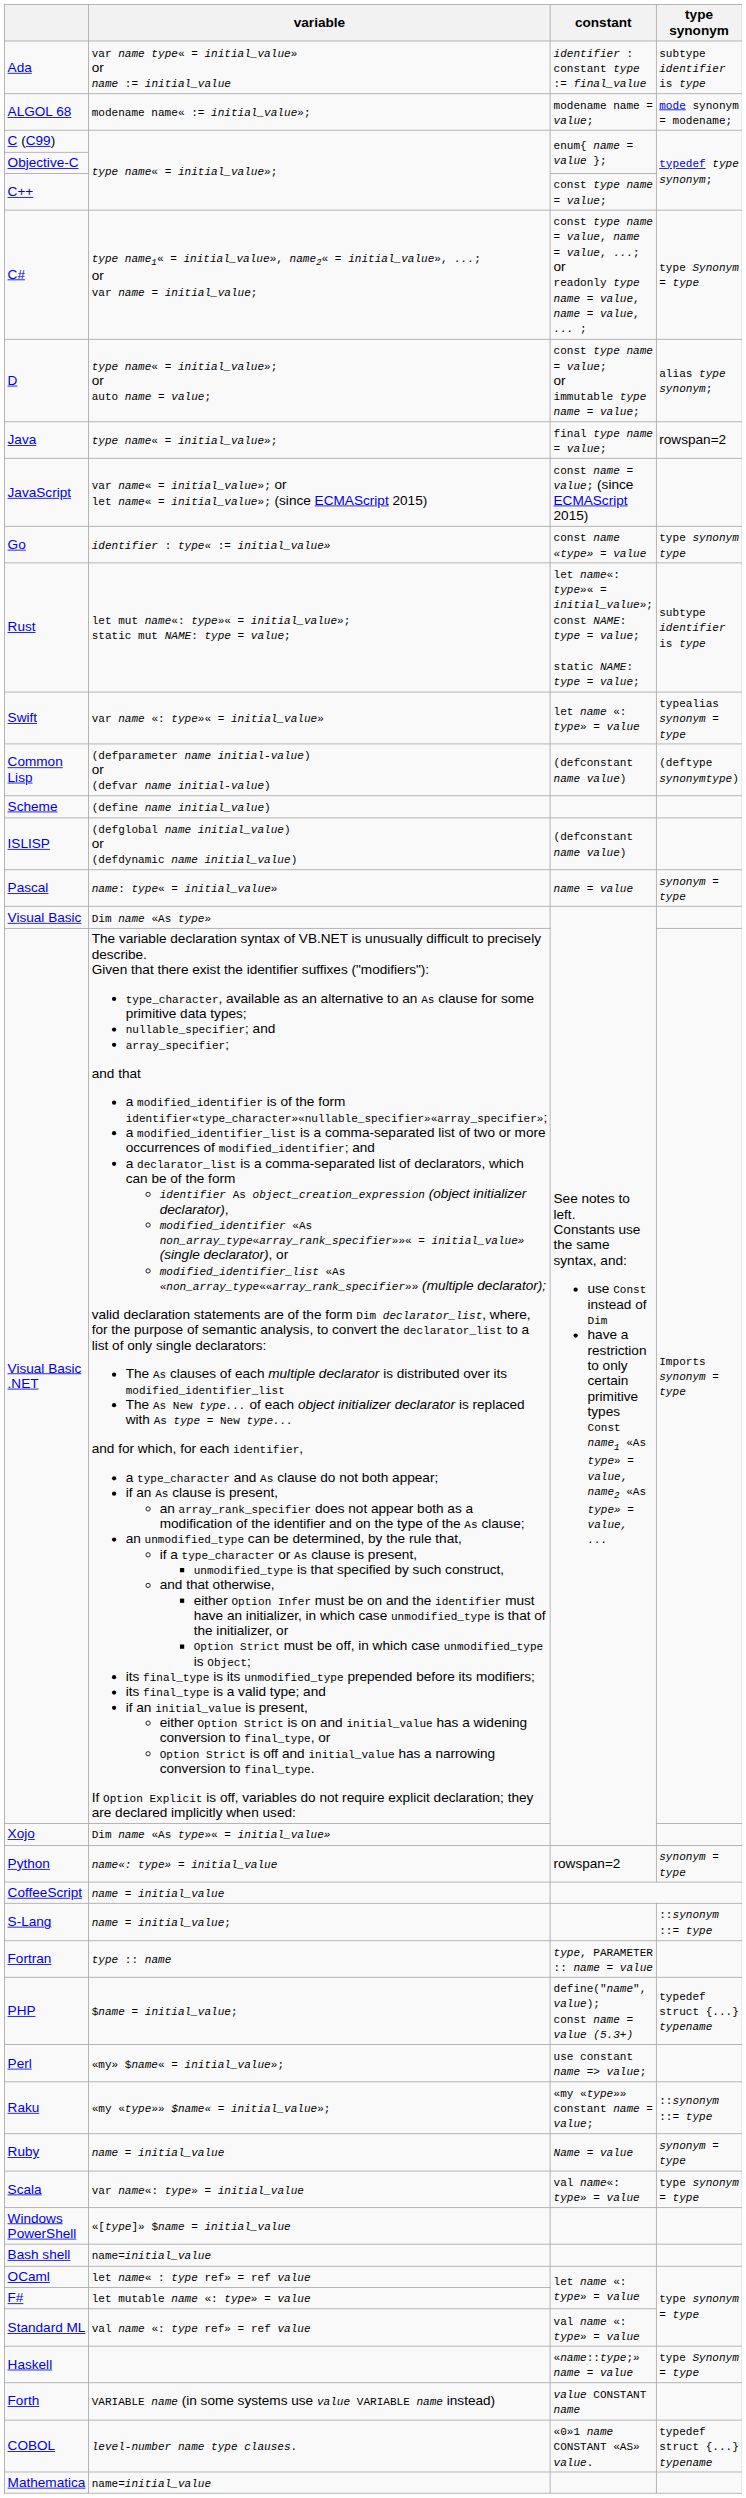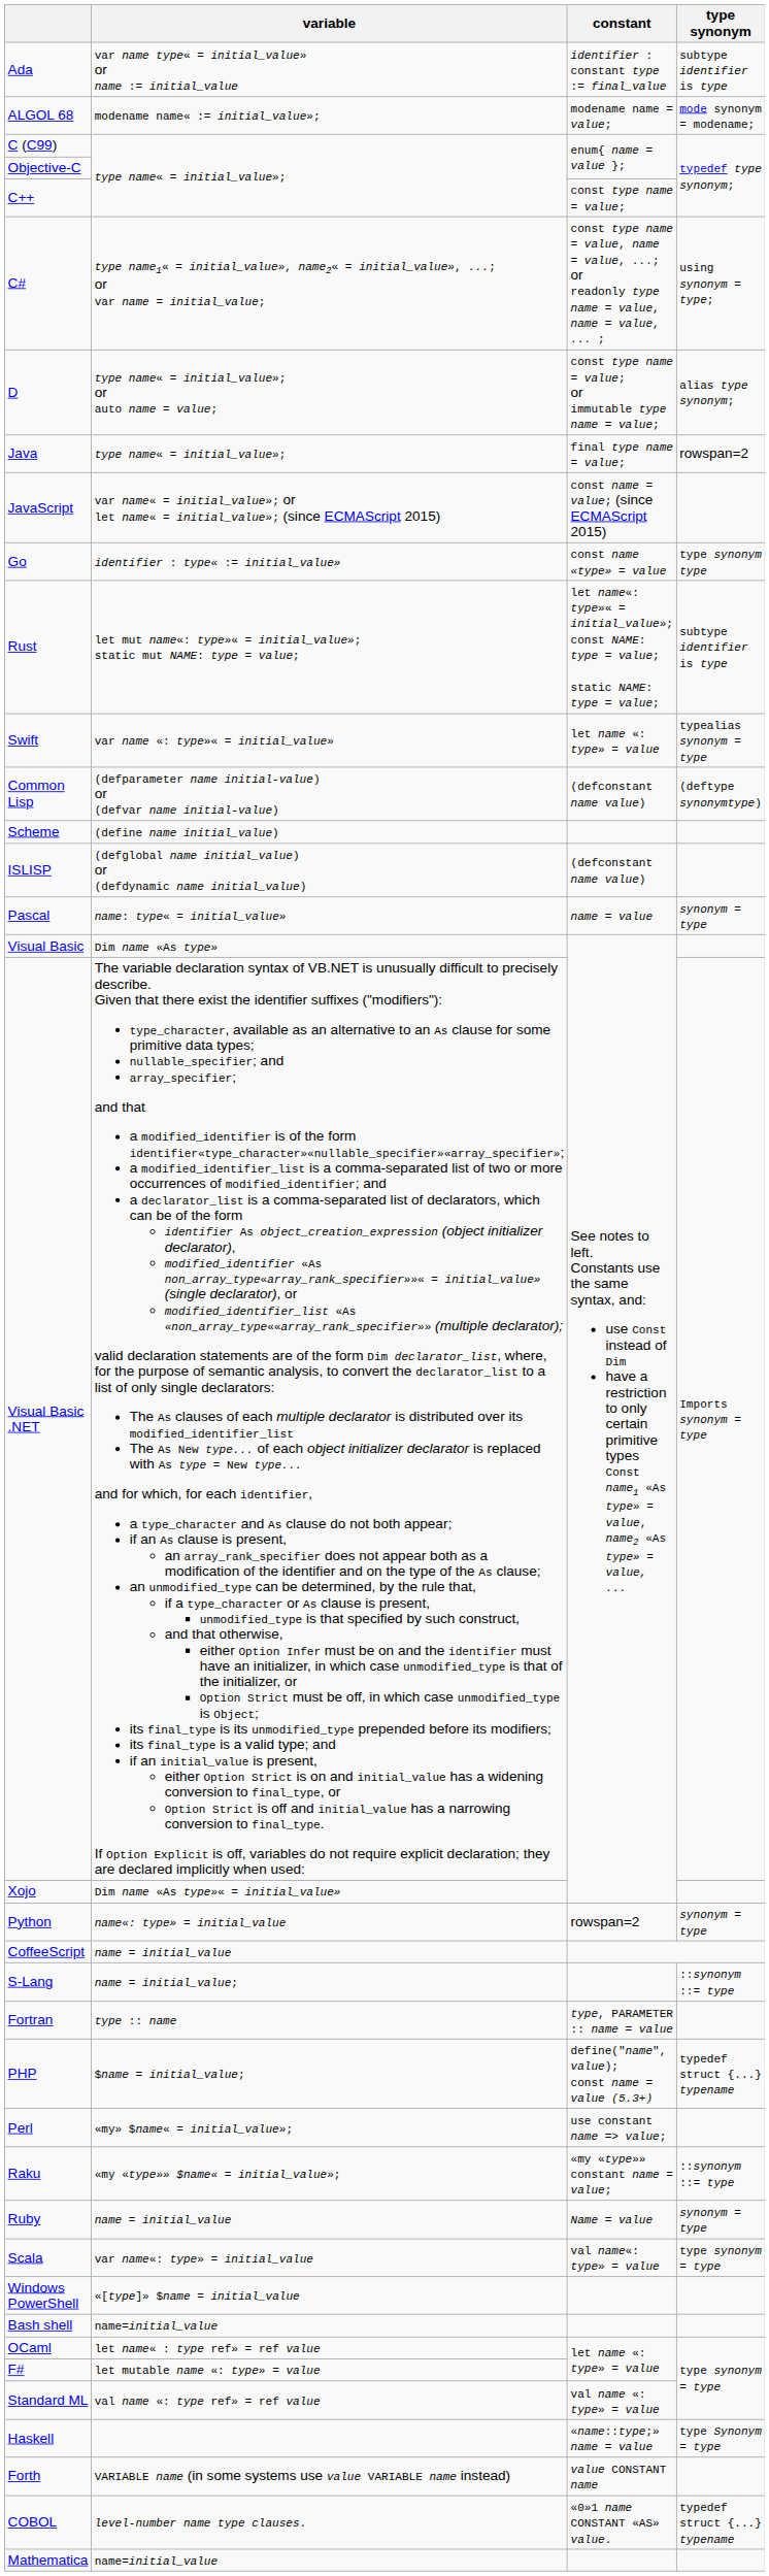 <table class="wikitable sortable">
 <tr>
 <th></th>
 <th style="width: 30%">variable</th>
 <th>constant</th>
 <th>type synonym</th>
 </tr>
 <tr>
 <td><a href='#'>Ada</a></td>
 <td><code>var <em>name type</em>« = <em>initial_value</em>»</code><br>or<br><code><em>name</em> := <em>initial_value</em></code></td>
 <td><code><em>identifier</em> : constant <em>type</em> := <em>final_value</em></code></td>
 <td><code>subtype <em>identifier</em> is <em>type</em></code></td>
 </tr>
 <tr>
 <td><a href='#'>ALGOL 68</a></td>
 <td><code>modename name« := <em>initial_value</em>»;</code></td>
 <td><code>modename name = <em>value</em>;</code></td>
 <td><code><a href='#'>mode</a> synonym = modename;</code></td>
 </tr>
 <tr>
 <td><a href='#'>C</a> (<a href='#'>C99</a>)</td>
 <td rowspan=3><code><em>type name</em>« = <em>initial_value</em>»;</code></td>
 <td rowspan=2><code>enum{ <em>name</em> = <em>value</em> };</code></td>
 <td rowspan=3><code><a href='#'>typedef</a> <em>type synonym</em>;</code></td>
 </tr>
 <tr>
 <td><a href='#'>Objective-C</a></td>
 </tr>
 <tr>
 <td><a href='#'>C++</a></td>
 <td><code>const <em>type name</em> = <em>value</em>;</code></td>
 </tr>
 <tr>
 <td><a href='#'>C#</a></td>
 <td><code><em>type name<sub>1</sub></em>« = <em>initial_value</em>», <em>name<sub>2</sub></em>« = <em>initial_value</em>», <em>...</em>;</code><br>or<br><code>var <em>name</em> = <em>initial_value</em>;</code></td>
 <td><code>const <em>type name</em> = <em>value</em>, <em>name</em> = <em>value</em>, <em>...</em>;</code><br>or<br><code>readonly <em>type name</em> = <em>value</em>, <em>name</em> = <em>value</em>, <em>...</em> ;</code></td>
-<td><code>type <em>Synonym</em> = <em>type</em></code></td>
+<td><code>using <em>synonym</em> = <em>type</em>;</code></td>
 </tr>
 <tr>
 <td><a href='#'>D</a></td>
 <td><code><em>type name</em>« = <em>initial_value</em>»;</code><br>or<br><code>auto <em>name</em> = <em>value</em>;</code></td>
 <td><code>const <em>type name</em> = <em>value</em>;</code><br>or<br><code>immutable <em>type name</em> = <em>value</em>;</code></td>
 <td><code>alias <em>type synonym</em>;</code></td>
 </tr>
 <tr>
 <td><a href='#'>Java</a></td>
 <td><code><em>type name</em>« = <em>initial_value</em>»;</code></td>
 <td><code>final <em>type name</em> = <em>value</em>;</code></td>
 <td>rowspan=2 </td>
 </tr>
 <tr>
 <td><a href='#'>JavaScript</a></td>
 <td><code>var <em>name</em>« = <em>initial_value</em>»;</code> or<br><code>let <em>name</em>« = <em>initial_value</em>»;</code> (since <a href='#'>ECMAScript</a> 2015)</td>
 <td><code>const <em>name</em> = <em>value</em>;</code> (since <a href='#'>ECMAScript</a> 2015)</td>
 </tr>
 <tr>
 <td><a href='#'>Go</a></td>
 <td><code><em>identifier</em> : <em>type«</em> := <em>initial_value»</em></code></td>
 <td><code>const <em>name «type»</em> = <em>value</em></code></td>
 <td><code>type <em>synonym type</em></code></td>
 </tr>
 <tr>
 <td><a href='#'>Rust</a></td>
 <td><code>let mut <em>name</em>«: <em>type</em>»« = <em>initial_value</em>»;</code><br><code>static mut <em>NAME</em>: <em>type</em> = <em>value</em>;</code></td>
 <td><code>let <em>name</em>«: <em>type</em>»« = <em>initial_value</em>»;</code><br><code>const <em>NAME</em>: <em>type</em> = <em>value</em>;</code><br><br><code>static <em>NAME</em>: <em>type</em> = <em>value</em>;</code></td>
 <td><code>subtype <em>identifier</em> is <em>type</em></code></td>
 </tr>
 <tr>
 <td><a href='#'>Swift</a></td>
 <td><code>var <em>name</em> «: <em>type</em>»« = <em>initial_value</em>»</code></td>
 <td><code>let <em>name</em> «: <em>type</em>» = <em>value</em></code></td>
 <td><code>typealias <em>synonym</em> = <em>type</em></code></td>
 </tr>
 <tr>
 <td><a href='#'>Common Lisp</a></td>
 <td><code>(defparameter <em>name initial-value</em>)</code><br>or<br><code>(defvar <em>name initial-value</em>)</code></td>
 <td><code>(defconstant <em>name value</em>)</code></td>
 <td><code>(deftype <em>synonym</em><em>type</em>)</code></td>
 </tr>
 <tr>
 <td><a href='#'>Scheme</a></td>
 <td><code>(define <em>name initial_value</em>)</code></td>
 <td></td>
 <td></td>
 </tr>
 <tr>
 <td><a href='#'>ISLISP</a></td>
 <td><code>(defglobal <em>name initial_value</em>)</code><br>or<br><code>(defdynamic <em>name initial_value</em>)</code></td>
 <td><code>(defconstant <em>name value</em>)</code></td>
 <td></td>
 </tr>
 <tr>
 <td><a href='#'>Pascal</a></td>
 <td><code><em>name</em>: <em>type</em>« = <em>initial_value</em>»</code></td>
 <td><code><em>name</em> = <em>value</em></code></td>
 <td><code><em>synonym</em> = <em>type</em></code></td>
 </tr>
 <tr>
 <td><a href='#'>Visual Basic</a></td>
 <td><code>Dim <em>name</em> «As <em>type</em>»</code></td>
 <td rowspan=3>See notes to left.<br>Constants use the same syntax, and:<ul><li>use <code>Const</code> instead of <code>Dim</code></li><li>have a restriction to only certain primitive types<br><code>Const <em>name<sub>1</sub></em> «As <em>type</em>» = <em>value</em>, <em>name<sub>2</sub></em> «As <em>type»</em> = <em>value, ...</em></code></li></ul></td>
 <td></td>
 </tr>
 <tr>
 <td><a href='#'>Visual Basic .NET</a></td>
 <td>The variable declaration syntax of VB.NET is unusually difficult to precisely describe.<br>Given that there exist the identifier suffixes ("modifiers"):<ul><li><code>type_character</code>, available as an alternative to an <code>As</code> clause for some primitive data types;</li><li><code>nullable_specifier</code>; and</li><li><code>array_specifier</code>;</li></ul>and that<ul><li>a <code>modified_identifier</code> is of the form <code>identifier«type_character»«nullable_specifier»«array_specifier»</code>;</li><li>a <code>modified_identifier_list</code> is a comma-separated list of two or more occurrences of <code>modified_identifier</code>; and</li><li>a <code>declarator_list</code> is a comma-separated list of declarators, which can be of the form<ul><li><code><em>identifier</em> As <em>object_creation_expression</em></code><em> (object initializer declarator)</em>,</li><li><code><em>modified_identifier</em> «As <em>non_array_type</em>«<em>array_rank_specifier</em>»»« = <em>initial_value»</em></code> <em>(single declarator)</em>, or</li><li><code><em>modified_identifier_list</em> «As <em>«non_array_type</em>««<em>array_rank_specifier</em>»»</code> <em>(multiple declarator);</em></li></ul></li></ul>valid declaration statements are of the form <code>Dim <em>declarator_list</em></code>, where, for the purpose of semantic analysis, to convert the <code>declarator_list</code> to a list of only single declarators:<ul><li>The <code>As</code> clauses of each <em>multiple declarator</em> is distributed over its <code>modified_identifier_list</code></li><li>The <code>As New <em>type...</em></code> of each <em>object initializer declarator</em> is replaced with <code>As <em>type</em> = New <em>type...</em></code></li></ul>and for which, for each <code>identifier</code>,<ul><li>a <code>type_character</code> and <code>As</code> clause do not both appear;</li><li>if an <code>As</code> clause is present,<ul><li>an <code>array_rank_specifier</code> does not appear both as a modification of the identifier and on the type of the <code>As</code> clause;</li></ul></li><li>an <code>unmodified_type</code> can be determined, by the rule that,<ul><li>if a <code>type_character</code> or <code>As</code> clause is present,<ul><li><code>unmodified_type</code> is that specified by such construct,</li></ul></li><li>and that otherwise,<ul><li>either <code>Option Infer</code> must be on and the <code>identifier</code> must have an initializer, in which case <code>unmodified_type</code> is that of the initializer, or</li><li><code>Option Strict</code> must be off, in which case <code>unmodified_type</code> is <code>Object</code>;</li></ul></li></ul></li><li>its <code>final_type</code> is its <code>unmodified_type</code> prepended before its modifiers;</li><li>its <code>final_type</code> is a valid type; and</li><li>if an <code>initial_value</code> is present,<ul><li>either <code>Option Strict</code> is on and <code>initial_value</code> has a widening conversion to <code>final_type</code>, or</li><li><code>Option Strict</code> is off and <code>initial_value</code> has a narrowing conversion to <code>final_type</code>.</li></ul></li></ul>If <code>Option Explicit</code> is off, variables do not require explicit declaration; they are declared implicitly when used: <code></code></td>
 <td><code>Imports <em>synonym</em> = <em>type</em></code></td>
 </tr>
 <tr>
 <td><a href='#'>Xojo</a></td>
 <td><code>Dim <em>name</em> «As <em>type</em>»« = <em>initial_value»</em></code></td>
 <td></td>
 </tr>
 <tr>
 <td><a href='#'>Python</a></td>
 <td><code><em>name«: type»</em> = <em>initial_value</em></code></td>
 <td>rowspan=2 </td>
 <td><code><em>synonym</em> = <em>type</em></code></td>
 </tr>
 <tr>
 <td><a href='#'>CoffeeScript</a></td>
 <td><code><em>name</em> = <em>initial_value</em></code></td>
 </tr>
 <tr>
 <td><a href='#'>S-Lang</a></td>
 <td><code><em>name</em> = <em>initial_value</em>;</code></td>
 <td></td>
 <td><code>::<em>synonym</em> ::= <em>type</em></code></td>
 </tr>
 <tr>
 <td><a href='#'>Fortran</a></td>
 <td><code><em>type</em> :: <em>name</em></code></td>
 <td><code><em>type</em>, PARAMETER :: <em>name</em> = <em>value</em></code></td>
 <td></td>
 </tr>
 <tr>
 <td><a href='#'>PHP</a></td>
 <td><code>$<em>name</em> = <em>initial_value</em>;</code></td>
 <td><code>define("<em>name</em>", <em>value</em>);<br>const <em>name</em> = <em>value (5.3+)</em></code></td>
 <td><code>typedef struct {...} <em>typename</em></code></td>
 </tr>
 <tr>
 <td><a href='#'>Perl</a></td>
 <td><code>«my» $<em>name</em>« = <em>initial_value</em>»;</code></td>
 <td><code>use constant <em>name</em> => <em>value</em>;</code></td>
 </tr>
 <tr>
 <td><a href='#'>Raku</a></td>
 <td><code>«my «<em>type</em>»» <em>$name«</em> = <em>initial_value</em>»;</code></td>
 <td><code>«my «<em>type</em>»» constant <em>name</em> = <em>value</em>;</code></td>
 <td><code>::<em>synonym</em> ::= <em>type</em></code></td>
 </tr>
 <tr>
 <td><a href='#'>Ruby</a></td>
 <td><code><em>name</em> = <em>initial_value</em></code></td>
 <td><code><em>Name</em> = <em>value</em></code></td>
 <td><code><em>synonym</em> = <em>type</em></code></td>
 </tr>
 <tr>
 <td><a href='#'>Scala</a></td>
 <td><code>var <em>name</em>«: <em>type</em>» = <em>initial_value</em></code></td>
 <td><code>val <em>name</em>«: <em>type</em>» = <em>value</em></code></td>
 <td><code>type <em>synonym</em> = <em>type</em></code></td>
 </tr>
 <tr>
 <td><a href='#'>Windows PowerShell</a></td>
 <td><code>«[<em>type</em>]» $<em>name</em> = <em>initial_value</em></code></td>
 <td></td>
 <td></td>
 </tr>
 <tr>
 <td><a href='#'>Bash shell</a></td>
 <td><code>name=<em>initial_value</em></code></td>
 <td></td>
 <td></td>
 </tr>
 <tr>
 <td><a href='#'>OCaml</a></td>
 <td><code>let <em>name</em>« : <em>type</em> ref» = ref <em>value</em></code></td>
 <td rowspan=2><code>let <em>name</em> «: <em>type</em>» = <em>value</em></code></td>
 <td rowspan=3><code>type <em>synonym</em> = <em>type</em></code></td>
 </tr>
 <tr>
 <td><a href='#'>F#</a></td>
 <td><code>let mutable <em>name</em> «: <em>type</em>» = <em>value</em></code></td>
 </tr>
 <tr>
 <td><a href='#'>Standard ML</a></td>
 <td><code>val <em>name</em> «: <em>type</em> ref» = ref <em>value</em></code></td>
 <td><code>val <em>name</em> «: <em>type</em>» = <em>value</em></code></td>
 </tr>
 <tr>
 <td><a href='#'>Haskell</a></td>
 <td></td>
 <td><code>«<em>name</em>::<em>type</em>;» <em>name</em> = <em>value</em></code></td>
 <td><code>type <em>Synonym</em> = <em>type</em></code></td>
 </tr>
 <tr>
 <td><a href='#'>Forth</a></td>
 <td><code>VARIABLE <em>name</em></code> (in some systems use <code><em>value</em> VARIABLE <em>name</em></code> instead)</td>
 <td><code><em>value</em> CONSTANT <em>name</em></code></td>
 <td></td>
 </tr>
 <tr>
 <td><a href='#'>COBOL</a></td>
 <td><code><em>level-number name type clauses</em>.</code></td>
 <td><code>«0»1 <em>name</em> CONSTANT «AS» <em>value</em>.</code></td>
 <td><code>typedef struct {...} <em>typename</em></code></td>
 </tr>
 <tr>
 <td><a href='#'>Mathematica</a></td>
 <td><code>name=<em>initial_value</em></code></td>
 <td></td>
 <td></td>
 </tr>
 </table>
